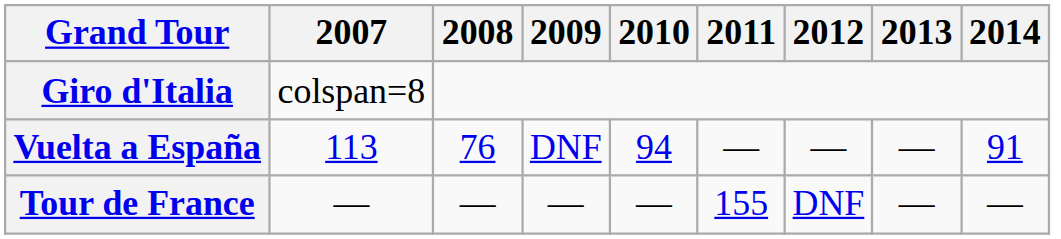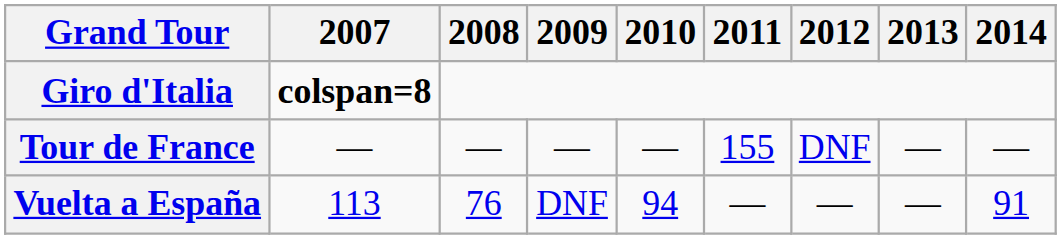 <table class="wikitable plainrowheaders">
 <tr>
 <th scope="col"><a href='#'>Grand Tour</a></th>
 <th scope="col">2007</th>
 <th scope="col">2008</th>
 <th scope="col">2009</th>
 <th scope="col">2010</th>
 <th scope="col">2011</th>
 <th scope="col">2012</th>
 <th scope="col">2013</th>
 <th scope="col">2014</th>
 </tr>
 <tr style="text-align:center;">
 <th scope="row"> <a href='#'>Giro d'Italia</a></th>
-<td>colspan=8 </td>
+<td><strong>colspan=8 </strong></td>
+</tr>
+<tr style="text-align:center;">
+<th scope="row"> <a href='#'>Tour de France</a></th>
+<td>—</td>
+<td>—</td>
+<td>—</td>
+<td>—</td>
+<td><a href='#'>155</a></td>
+<td><a href='#'>DNF</a></td>
+<td>—</td>
+<td>—</td>
 </tr>
 <tr style="text-align:center;">
 <th scope="row"> <a href='#'>Vuelta a España</a></th>
 <td><a href='#'>113</a></td>
 <td><a href='#'>76</a></td>
 <td><a href='#'>DNF</a></td>
 <td><a href='#'>94</a></td>
 <td>—</td>
 <td>—</td>
 <td>—</td>
 <td><a href='#'>91</a></td>
 </tr>
-<tr style="text-align:center;">
-<th scope="row"> <a href='#'>Tour de France</a></th>
-<td>—</td>
-<td>—</td>
-<td>—</td>
-<td>—</td>
-<td><a href='#'>155</a></td>
-<td><a href='#'>DNF</a></td>
-<td>—</td>
-<td>—</td>
-</tr>
 </table>
